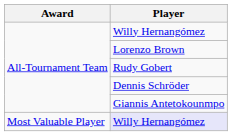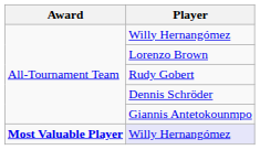 <table class="wikitable">
 <tr>
 <th>Award</th>
 <th>Player</th>
 </tr>
 <tr>
 <td rowspan=5><a href='#'>All-Tournament Team</a></td>
 <td> <a href='#'>Willy Hernangómez</a></td>
 </tr>
 <tr>
 <td> <a href='#'>Lorenzo Brown</a></td>
 </tr>
 <tr>
 <td> <a href='#'>Rudy Gobert</a></td>
 </tr>
 <tr>
 <td> <a href='#'>Dennis Schröder</a></td>
 </tr>
 <tr>
 <td> <a href='#'>Giannis Antetokounmpo</a></td>
 </tr>
 <tr>
-<td><a href='#'>Most Valuable Player</a></td>
+<td><strong><a href='#'>Most Valuable Player</a></strong></td>
 <td style="background: lavender;"> <a href='#'>Willy Hernangómez</a></td>
 </tr>
 </table>
